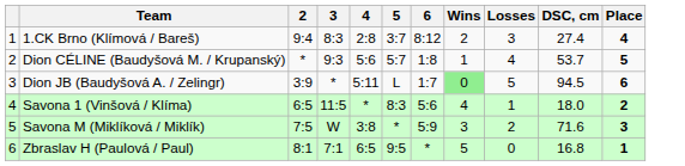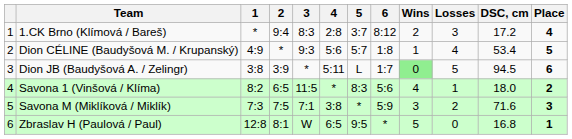 <table class="wikitable" style="text-align:center;">
 <tr>
 <th></th>
 <th>Team</th>
+<th width="25">1</th>
 <th width="25">2</th>
 <th width="25">3</th>
 <th width="25">4</th>
 <th width="25">5</th>
 <th width="25">6</th>
 <th width="20">Wins</th>
 <th width="20">Losses</th>
 <th>DSC, cm</th>
 <th>Place</th>
 </tr>
 <tr>
 <td>1</td>
 <td align=left>1.CK Brno (Klímová / Bareš)</td>
+<td>*</td>
 <td>9:4</td>
 <td>8:3</td>
 <td>2:8</td>
 <td>3:7</td>
 <td>8:12</td>
 <td>2</td>
 <td>3</td>
-<td>27.4</td>
+<td>17.2</td>
 <td><strong>4</strong></td>
 </tr>
 <tr>
 <td>2</td>
 <td align=left>Dion CÉLINE (Baudyšová M. / Krupanský)</td>
+<td>4:9</td>
 <td>*</td>
 <td>9:3</td>
 <td>5:6</td>
 <td>5:7</td>
 <td>1:8</td>
 <td>1</td>
 <td>4</td>
-<td>53.7</td>
+<td>53.4</td>
 <td><strong>5</strong></td>
 </tr>
 <tr>
 <td>3</td>
 <td align=left>Dion JB (Baudyšová A. / Zelingr)</td>
+<td>3:8</td>
 <td>3:9</td>
 <td>*</td>
 <td>5:11</td>
 <td>L</td>
 <td>1:7</td>
 <td style="background: lightgreen;">0</td>
 <td>5</td>
 <td>94.5</td>
 <td><strong>6</strong></td>
 </tr>
 <tr bgcolor=#cfc>
 <td>4</td>
 <td align=left>Savona 1 (Vinšová / Klíma)</td>
+<td>8:2</td>
 <td>6:5</td>
 <td>11:5</td>
 <td>*</td>
 <td>8:3</td>
 <td>5:6</td>
 <td>4</td>
 <td>1</td>
 <td>18.0</td>
 <td><strong>2</strong></td>
 </tr>
 <tr bgcolor=#cfc>
 <td>5</td>
 <td align=left>Savona M (Miklíková / Miklík)</td>
+<td>7:3</td>
 <td>7:5</td>
-<td>W</td>
+<td>7:1</td>
 <td>3:8</td>
 <td>*</td>
 <td>5:9</td>
 <td>3</td>
 <td>2</td>
 <td>71.6</td>
 <td><strong>3</strong></td>
 </tr>
 <tr bgcolor=#cfc>
 <td>6</td>
 <td align=left>Zbraslav H (Paulová / Paul)</td>
+<td>12:8</td>
 <td>8:1</td>
-<td>7:1</td>
+<td>W</td>
 <td>6:5</td>
 <td>9:5</td>
 <td>*</td>
 <td>5</td>
 <td>0</td>
 <td>16.8</td>
 <td><strong>1</strong></td>
 </tr>
 </table>
